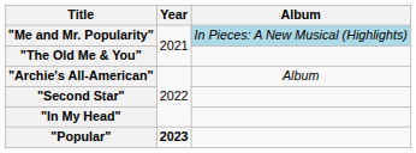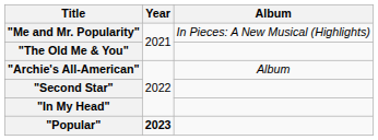 <table class="wikitable plainrowheaders" style="text-align:center">
 <tr>
 <th scope="col">Title</th>
 <th scope="col">Year</th>
 <th scope="col">Album</th>
 </tr>
 <tr>
 <th scope="row">"Me and Mr. Popularity"</th>
 <td rowspan="2">2021</td>
-<td style="background: lightblue;"><em>In Pieces: A New Musical (Highlights)</em></td>
+<td><em>In Pieces: A New Musical (Highlights)</em></td>
 </tr>
 <tr>
 <th scope="row">"The Old Me & You"<br></th>
 <td></td>
 </tr>
 <tr>
 <th scope="row">"Archie's All-American"<br></th>
 <td rowspan="3">2022</td>
 <td><em>Album</em></td>
 </tr>
 <tr>
 <th scope="row">"Second Star"<br></th>
 <td></td>
 </tr>
 <tr>
 <th scope="row">"In My Head"<br></th>
 <td></td>
 </tr>
 <tr>
 <th scope="row">"Popular"<br></th>
 <td rowspan="1"><strong>2023</strong></td>
 <td></td>
 </tr>
 </table>
